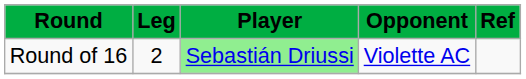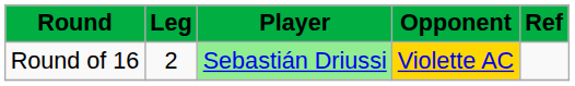 <table class=wikitable>
 <tr>
 <th style="background:#00AE42; color:#000000">Round</th>
 <th style="background:#00AE42; color:#000000">Leg</th>
 <th style="background:#00AE42; color:#000000">Player</th>
 <th style="background:#00AE42; color:#000000">Opponent</th>
 <th style="background:#00AE42; color:#000000">Ref</th>
 </tr>
 <tr>
 <td>Round of 16</td>
 <td align=center>2</td>
 <td style="background: lightgreen;"> <a href='#'>Sebastián Driussi</a></td>
-<td><a href='#'>Violette AC</a></td>
+<td style="background: gold;"><a href='#'>Violette AC</a></td>
 <td style="text-align: center;"></td>
 </tr>
 <tr>
 </tr>
 </table>
